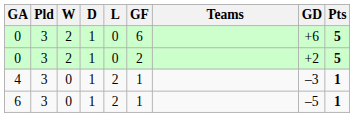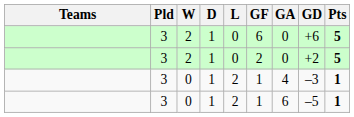 <table class="wikitable" style="text-align: center;">
 <tr>
-<th width=20>GA</th>
+<th width=165>Teams</th>
 <th width=20>Pld</th>
 <th width=20>W</th>
 <th width=20>D</th>
 <th width=20>L</th>
 <th width=20>GF</th>
-<th width=165>Teams</th>
+<th width=20>GA</th>
 <th width=20>GD</th>
 <th width=20>Pts</th>
 </tr>
 <tr align=center style="background:#ccffcc;">
-<td>0</td>
+<td style="text-align:left;"></td>
 <td>3</td>
 <td>2</td>
 <td>1</td>
 <td>0</td>
 <td>6</td>
-<td style="text-align:left;"></td>
+<td>0</td>
 <td>+6</td>
 <td><strong>5</strong></td>
 </tr>
 <tr align=center style="background:#ccffcc;">
-<td>0</td>
+<td style="text-align:left;"></td>
 <td>3</td>
 <td>2</td>
 <td>1</td>
 <td>0</td>
 <td>2</td>
-<td style="text-align:left;"></td>
+<td>0</td>
 <td>+2</td>
 <td><strong>5</strong></td>
 </tr>
 <tr align=center>
-<td>4</td>
+<td style="text-align:left;"></td>
 <td>3</td>
 <td>0</td>
 <td>1</td>
 <td>2</td>
 <td>1</td>
-<td style="text-align:left;"></td>
+<td>4</td>
 <td>–3</td>
 <td><strong>1</strong></td>
 </tr>
 <tr align=center>
-<td>6</td>
+<td style="text-align:left;"></td>
 <td>3</td>
 <td>0</td>
 <td>1</td>
 <td>2</td>
 <td>1</td>
-<td style="text-align:left;"></td>
+<td>6</td>
 <td>–5</td>
 <td><strong>1</strong></td>
 </tr>
 </table>
